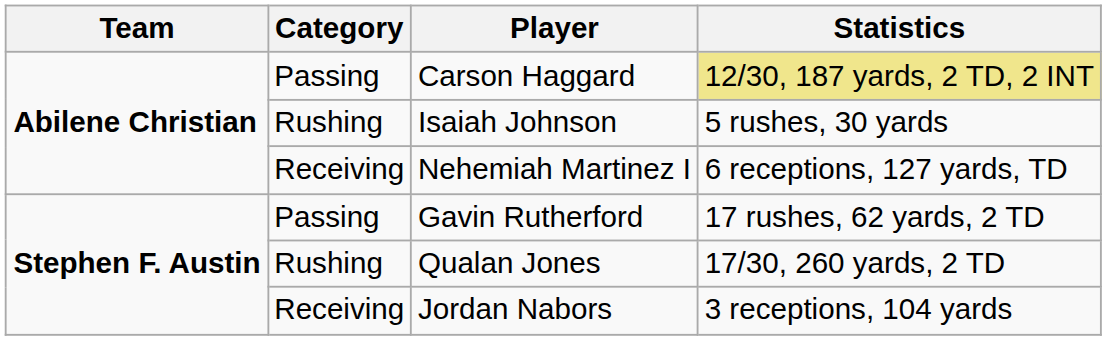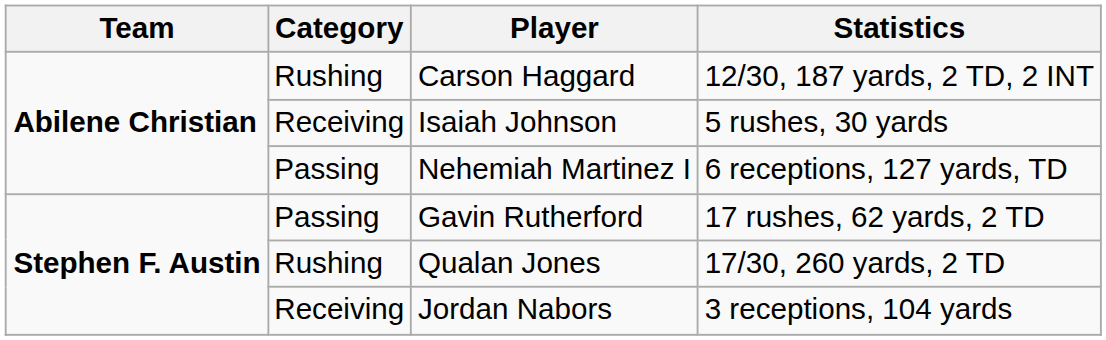 <table class="wikitable" style="float: right;">
 <tr>
 <th>Team</th>
 <th>Category</th>
 <th>Player</th>
 <th>Statistics</th>
 </tr>
 <tr>
 <td rowspan=3><strong>Abilene Christian</strong></td>
-<td>Passing</td>
+<td>Rushing</td>
 <td>Carson Haggard</td>
-<td style="background: khaki;">12/30, 187 yards, 2 TD, 2 INT</td>
+<td>12/30, 187 yards, 2 TD, 2 INT</td>
 </tr>
 <tr>
-<td>Rushing</td>
+<td>Receiving</td>
 <td>Isaiah Johnson</td>
 <td>5 rushes, 30 yards</td>
 </tr>
 <tr>
-<td>Receiving</td>
+<td>Passing</td>
 <td>Nehemiah Martinez I</td>
 <td>6 receptions, 127 yards, TD</td>
 </tr>
 <tr>
 <td rowspan=3><strong>Stephen F. Austin</strong></td>
 <td>Passing</td>
 <td>Gavin Rutherford</td>
 <td>17 rushes, 62 yards, 2 TD</td>
 </tr>
 <tr>
 <td>Rushing</td>
 <td>Qualan Jones</td>
 <td>17/30, 260 yards, 2 TD</td>
 </tr>
 <tr>
 <td>Receiving</td>
 <td>Jordan Nabors</td>
 <td>3 receptions, 104 yards</td>
 </tr>
 </table>
